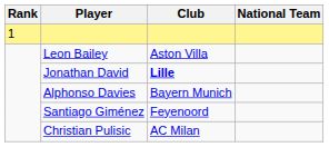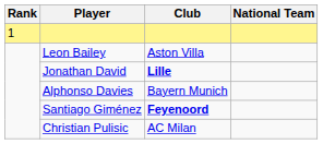 <table class="wikitable">
 <tr>
 <th>Rank</th>
 <th>Player</th>
 <th>Club</th>
 <th>National Team</th>
 </tr>
 <tr bgcolor="#FFF68F">
 <td>1</td>
 <td></td>
 <td></td>
 <td></td>
 </tr>
 <tr>
 <td rowspan=6></td>
 <td> <a href='#'>Leon Bailey</a></td>
 <td> <a href='#'>Aston Villa</a></td>
 <td></td>
 </tr>
 <tr>
 <td> <a href='#'>Jonathan David</a></td>
 <td><strong> <a href='#'>Lille</a></strong></td>
 <td></td>
 </tr>
 <tr>
 <td> ⁠⁠<a href='#'>Alphonso Davies</a></td>
 <td> <a href='#'>Bayern Munich</a></td>
 <td></td>
 </tr>
 <tr>
 <td> <a href='#'>Santiago Giménez</a></td>
-<td> <a href='#'>Feyenoord</a></td>
+<td><strong> <a href='#'>Feyenoord</a></strong></td>
 <td></td>
 </tr>
 <tr>
 <td> <a href='#'>Christian Pulisic</a></td>
 <td> <a href='#'>AC Milan</a></td>
 <td></td>
 </tr>
 </table>
